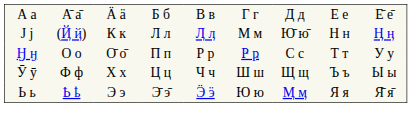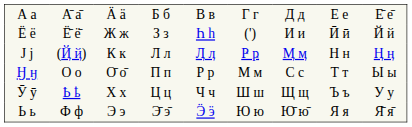 <table style="font-family:Arial Unicode MS; font-size:1.4em; border-color:#000000; border-width:1px; border-style:solid; border-collapse:collapse; background-color:#F8F8EF">
 <tr>
 <td style="width:3em; text-align:center; padding: 3px;">А а</td>
 <td style="width:3em; text-align:center; padding: 3px;">А̄ а̄</td>
 <td style="width:3em; text-align:center; padding: 3px;">Ӓ ӓ</td>
 <td style="width:3em; text-align:center; padding: 3px;">Б б</td>
 <td style="width:3em; text-align:center; padding: 3px;">В в</td>
 <td style="width:3em; text-align:center; padding: 3px;">Г г</td>
 <td style="width:3em; text-align:center; padding: 3px;">Д д</td>
 <td style="width:3em; text-align:center; padding: 3px;">Е е</td>
 <td style="width:3em; text-align:center; padding: 3px;">Е̄ е̄</td>
 </tr>
 <tr>
+<td style="width:3em; text-align:center; padding: 3px;">Ё ё</td>
+<td style="width:3em; text-align:center; padding: 3px;">Ё̄ ё̄</td>
+<td style="width:3em; text-align:center; padding: 3px;">Ж ж</td>
+<td style="width:3em; text-align:center; padding: 3px;">З з</td>
+<td style="width:3em; text-align:center; padding: 3px;"><a href='#'>Һ һ</a></td>
+<td style="width:3em; text-align:center; padding: 3px;">(')</td>
+<td style="width:3em; text-align:center; padding: 3px;">И и</td>
+<td style="width:3em; text-align:center; padding: 3px;">Ӣ ӣ</td>
+<td style="width:3em; text-align:center; padding: 3px;">Й й</td>
+</tr>
+<tr>
 <td style="width:3em; text-align:center; padding: 3px;">Ј ј</td>
 <td style="width:3em; text-align:center; padding: 3px;">(<a href='#'>Ҋ ҋ</a>)</td>
 <td style="width:3em; text-align:center; padding: 3px;">К к</td>
 <td style="width:3em; text-align:center; padding: 3px;">Л л</td>
 <td style="width:3em; text-align:center; padding: 3px;"><a href='#'>Ӆ ӆ</a></td>
-<td style="width:3em; text-align:center; padding: 3px;">М м</td>
-<td style="width:3em; text-align:center; padding: 3px;">Ю̄ ю̄</td>
+<td style="width:3em; text-align:center; padding: 3px;"><a href='#'>Ҏ ҏ</a></td>
+<td style="width:3em; text-align:center; padding: 3px;"><a href='#'>Ӎ ӎ</a></td>
 <td style="width:3em; text-align:center; padding: 3px;">Н н</td>
 <td style="width:3em; text-align:center; padding: 3px;"><a href='#'>Ӊ ӊ</a></td>
 </tr>
 <tr>
 <td style="width:3em; text-align:center; padding: 3px;"><a href='#'>Ӈ ӈ</a></td>
 <td style="width:3em; text-align:center; padding: 3px;">О о</td>
 <td style="width:3em; text-align:center; padding: 3px;">О̄ о̄</td>
 <td style="width:3em; text-align:center; padding: 3px;">П п</td>
 <td style="width:3em; text-align:center; padding: 3px;">Р р</td>
-<td style="width:3em; text-align:center; padding: 3px;"><a href='#'>Ҏ ҏ</a></td>
+<td style="width:3em; text-align:center; padding: 3px;">М м</td>
 <td style="width:3em; text-align:center; padding: 3px;">С с</td>
 <td style="width:3em; text-align:center; padding: 3px;">Т т</td>
-<td style="width:3em; text-align:center; padding: 3px;">У у</td>
+<td style="width:3em; text-align:center; padding: 3px;">Ы ы</td>
 </tr>
 <tr>
 <td style="width:3em; text-align:center; padding: 3px;">Ӯ ӯ</td>
-<td style="width:3em; text-align:center; padding: 3px;">Ф ф</td>
+<td style="width:3em; text-align:center; padding: 3px;"><a href='#'>Ҍ ҍ</a></td>
 <td style="width:3em; text-align:center; padding: 3px;">Х х</td>
 <td style="width:3em; text-align:center; padding: 3px;">Ц ц</td>
 <td style="width:3em; text-align:center; padding: 3px;">Ч ч</td>
 <td style="width:3em; text-align:center; padding: 3px;">Ш ш</td>
 <td style="width:3em; text-align:center; padding: 3px;">Щ щ</td>
 <td style="width:3em; text-align:center; padding: 3px;">Ъ ъ</td>
-<td style="width:3em; text-align:center; padding: 3px;">Ы ы</td>
+<td style="width:3em; text-align:center; padding: 3px;">У у</td>
 </tr>
 <tr>
 <td style="width:3em; text-align:center; padding: 3px;">Ь ь</td>
-<td style="width:3em; text-align:center; padding: 3px;"><a href='#'>Ҍ ҍ</a></td>
+<td style="width:3em; text-align:center; padding: 3px;">Ф ф</td>
 <td style="width:3em; text-align:center; padding: 3px;">Э э</td>
 <td style="width:3em; text-align:center; padding: 3px;">Э̄ э̄</td>
 <td style="width:3em; text-align:center; padding: 3px;"><a href='#'>Ӭ ӭ</a></td>
 <td style="width:3em; text-align:center; padding: 3px;">Ю ю</td>
-<td style="width:3em; text-align:center; padding: 3px;"><a href='#'>Ӎ ӎ</a></td>
+<td style="width:3em; text-align:center; padding: 3px;">Ю̄ ю̄</td>
 <td style="width:3em; text-align:center; padding: 3px;">Я я</td>
 <td style="width:3em; text-align:center; padding: 3px;">Я̄ я̄</td>
 </tr>
 </table>
